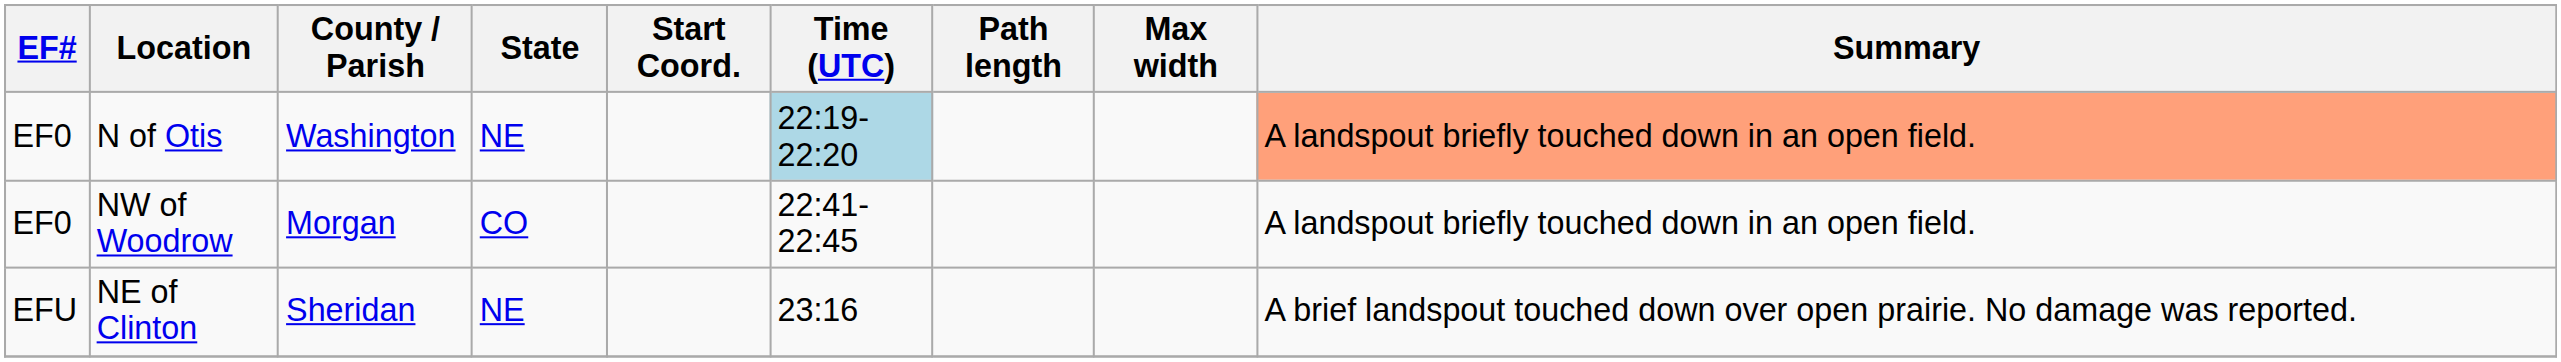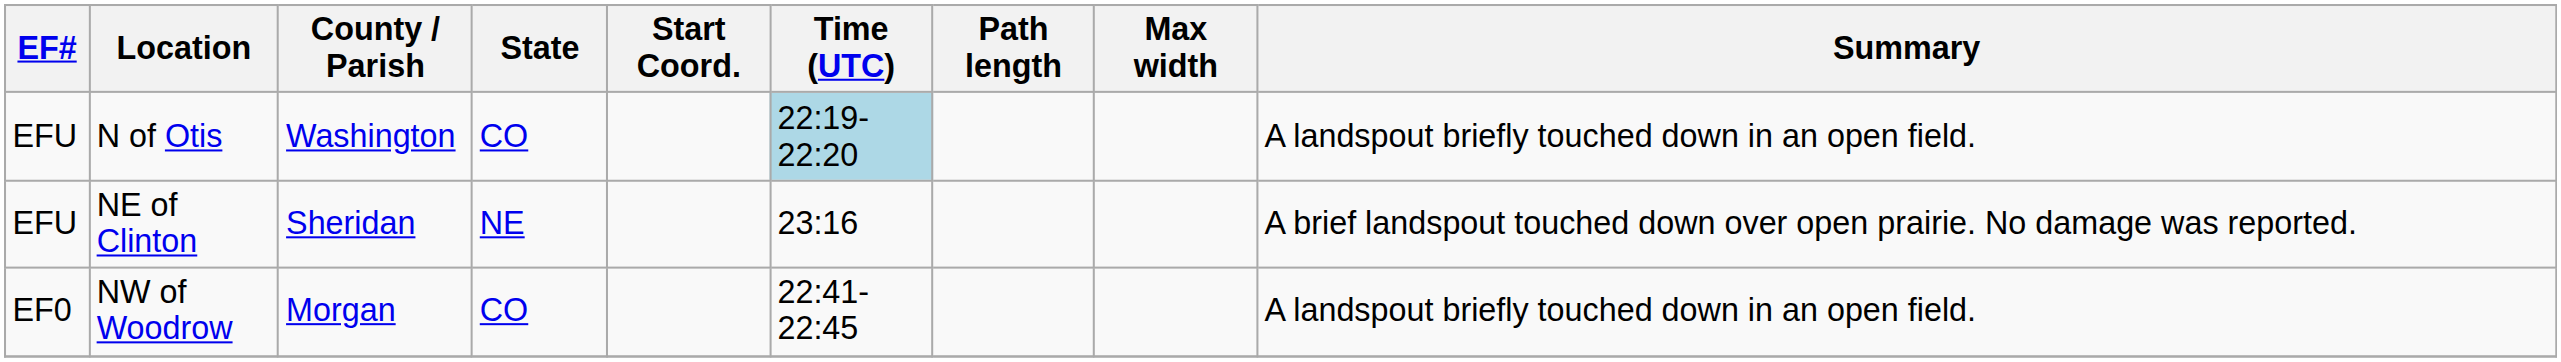 <table class="wikitable sortable" style="width:100%;">
 <tr>
 <th scope="col"  style="width:3%; text-align:center;"><a href='#'>EF#</a></th>
 <th scope="col"  style="width:7%; text-align:center;" class="unsortable">Location</th>
 <th scope="col"  style="width:6%; text-align:center;" class="unsortable">County / Parish</th>
 <th scope="col"  style="width:5%; text-align:center;">State</th>
 <th scope="col"  style="width:6%; text-align:center;">Start Coord.</th>
 <th scope="col"  style="width:6%; text-align:center;">Time (<a href='#'>UTC</a>)</th>
 <th scope="col"  style="width:6%; text-align:center;">Path length</th>
 <th scope="col"  style="width:6%; text-align:center;">Max width</th>
 <th scope="col" class="unsortable" style="width:48%; text-align:center;">Summary</th>
 </tr>
 <tr>
-<td>EF0</td>
+<td>EFU</td>
 <td>N of <a href='#'>Otis</a></td>
 <td><a href='#'>Washington</a></td>
-<td><a href='#'>NE</a></td>
+<td><a href='#'>CO</a></td>
 <td></td>
 <td style="background: lightblue;">22:19-22:20</td>
-<td></td>
-<td></td>
-<td style="background: lightsalmon;">A landspout briefly touched down in an open field.</td>
-</tr>
-<tr>
-<td>EF0</td>
-<td>NW of <a href='#'>Woodrow</a></td>
-<td><a href='#'>Morgan</a></td>
-<td><a href='#'>CO</a></td>
-<td></td>
-<td>22:41-22:45</td>
 <td></td>
 <td></td>
 <td>A landspout briefly touched down in an open field.</td>
 </tr>
 <tr>
 <td>EFU</td>
 <td>NE of <a href='#'>Clinton</a></td>
 <td><a href='#'>Sheridan</a></td>
 <td><a href='#'>NE</a></td>
 <td></td>
 <td>23:16</td>
 <td></td>
 <td></td>
 <td>A brief landspout touched down over open prairie. No damage was reported.</td>
 </tr>
 <tr>
+<td>EF0</td>
+<td>NW of <a href='#'>Woodrow</a></td>
+<td><a href='#'>Morgan</a></td>
+<td><a href='#'>CO</a></td>
+<td></td>
+<td>22:41-22:45</td>
+<td></td>
+<td></td>
+<td>A landspout briefly touched down in an open field.</td>
+</tr>
+<tr>
 </tr>
 </table>
